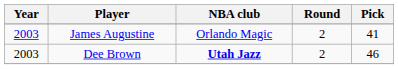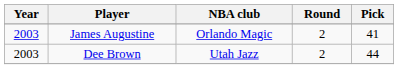 <table class="wikitable" width="500">
 <tr>
 <th>Year</th>
 <th>Player</th>
 <th>NBA club</th>
 <th>Round</th>
 <th>Pick</th>
 </tr>
 <tr>
 </tr>
 <tr align="center" bgcolor="">
 <td><a href='#'>2003</a></td>
 <td><a href='#'>James Augustine</a></td>
 <td><a href='#'>Orlando Magic</a></td>
 <td>2</td>
 <td>41</td>
 </tr>
 <tr align="center" bgcolor="">
 <td>2003</td>
 <td><a href='#'>Dee Brown</a></td>
-<td><strong><a href='#'>Utah Jazz</a></strong></td>
+<td><a href='#'>Utah Jazz</a></td>
 <td>2</td>
-<td>46</td>
+<td>44</td>
 </tr>
 <tr align="center" bgcolor="">
 </tr>
 </table>
